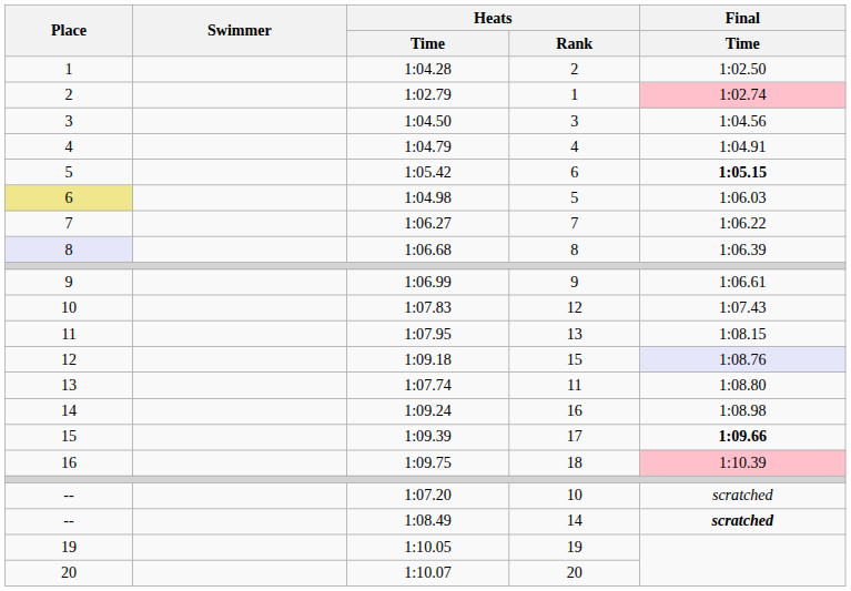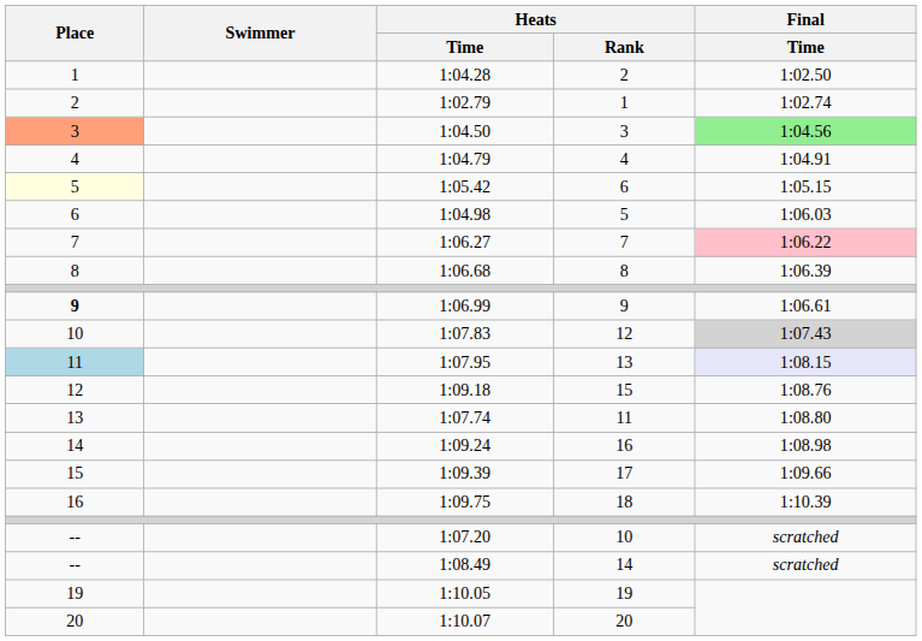 <table class="wikitable" style=" text-align:center; font-size:110%;" width="75%">
 <tr>
 <th rowspan="2">Place</th>
 <th rowspan="2">Swimmer</th>
 <th colspan="2">Heats</th>
 <th>Final</th>
 </tr>
 <tr>
 <th>Time</th>
 <th>Rank</th>
 <th>Time</th>
 </tr>
 <tr>
 <td>1</td>
 <td align="left"></td>
 <td>1:04.28</td>
 <td>2</td>
 <td>1:02.50</td>
 </tr>
 <tr>
 <td>2</td>
 <td align=left></td>
 <td>1:02.79</td>
 <td>1</td>
-<td style="background: pink;">1:02.74</td>
+<td>1:02.74</td>
 </tr>
 <tr>
-<td>3</td>
+<td style="background: lightsalmon;">3</td>
 <td align=left></td>
 <td>1:04.50</td>
 <td>3</td>
-<td>1:04.56</td>
+<td style="background: lightgreen;">1:04.56</td>
 </tr>
 <tr>
 <td>4</td>
 <td align=left></td>
 <td>1:04.79</td>
 <td>4</td>
 <td>1:04.91</td>
 </tr>
 <tr>
-<td>5</td>
+<td style="background: lightyellow;">5</td>
 <td align=left></td>
 <td>1:05.42</td>
 <td>6</td>
-<td><strong>1:05.15</strong></td>
+<td>1:05.15</td>
 </tr>
 <tr>
-<td style="background: khaki;">6</td>
+<td>6</td>
 <td align=left></td>
 <td>1:04.98</td>
 <td>5</td>
 <td>1:06.03</td>
 </tr>
 <tr>
 <td>7</td>
 <td align=left></td>
 <td>1:06.27</td>
 <td>7</td>
-<td>1:06.22</td>
+<td style="background: pink;">1:06.22</td>
 </tr>
 <tr>
-<td style="background: lavender;">8</td>
+<td>8</td>
 <td align=left></td>
 <td>1:06.68</td>
 <td>8</td>
 <td>1:06.39</td>
 </tr>
 <tr>
 <td colspan=5 bgcolor=lightgray></td>
 </tr>
 <tr>
-<td>9</td>
+<td><strong>9</strong></td>
 <td align="left"></td>
 <td>1:06.99</td>
 <td>9</td>
 <td>1:06.61</td>
 </tr>
 <tr>
 <td>10</td>
 <td align="left"></td>
 <td>1:07.83</td>
 <td>12</td>
-<td>1:07.43</td>
+<td style="background: lightgrey;">1:07.43</td>
 </tr>
 <tr>
-<td>11</td>
+<td style="background: lightblue;">11</td>
 <td align="left"></td>
 <td>1:07.95</td>
 <td>13</td>
-<td>1:08.15</td>
+<td style="background: lavender;">1:08.15</td>
 </tr>
 <tr>
 <td>12</td>
 <td align="left"></td>
 <td>1:09.18</td>
 <td>15</td>
-<td style="background: lavender;">1:08.76</td>
+<td>1:08.76</td>
 </tr>
 <tr>
 <td>13</td>
 <td align="left"></td>
 <td>1:07.74</td>
 <td>11</td>
 <td>1:08.80</td>
 </tr>
 <tr>
 <td>14</td>
 <td align="left"></td>
 <td>1:09.24</td>
 <td>16</td>
 <td>1:08.98</td>
 </tr>
 <tr>
 <td>15</td>
 <td align="left"></td>
 <td>1:09.39</td>
 <td>17</td>
-<td><strong>1:09.66</strong></td>
+<td>1:09.66</td>
 </tr>
 <tr>
 <td>16</td>
 <td align="left"></td>
 <td>1:09.75</td>
 <td>18</td>
-<td style="background: pink;">1:10.39</td>
+<td>1:10.39</td>
 </tr>
 <tr>
 <td colspan=5 bgcolor=lightgray></td>
 </tr>
 <tr>
 <td>--</td>
 <td align="left"></td>
 <td>1:07.20</td>
 <td>10</td>
 <td><em>scratched</em></td>
 </tr>
 <tr>
 <td>--</td>
 <td align="left"></td>
 <td>1:08.49</td>
 <td>14</td>
-<td><strong><em>scratched</em></strong></td>
+<td><em>scratched</em></td>
 </tr>
 <tr>
 <td>19</td>
 <td align="left"></td>
 <td>1:10.05</td>
 <td>19</td>
 </tr>
 <tr>
 <td>20</td>
 <td align="left"></td>
 <td>1:10.07</td>
 <td>20</td>
 </tr>
 </table>
